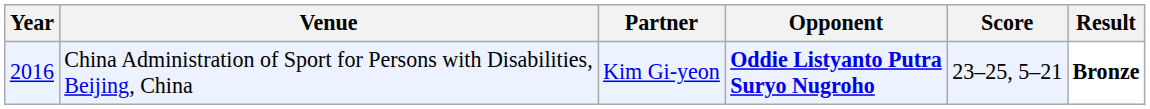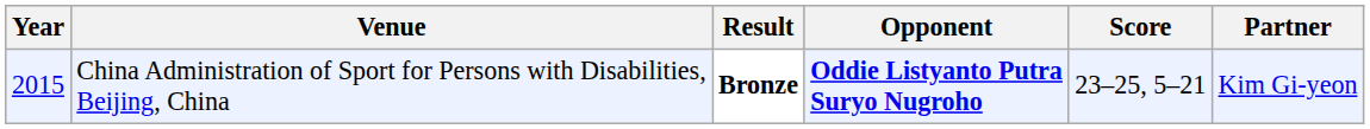 <table class="sortable wikitable" style="font-size: 90%;">
 <tr>
 <th>Year</th>
 <th>Venue</th>
-<th>Partner</th>
+<th>Result</th>
 <th>Opponent</th>
 <th>Score</th>
-<th>Result</th>
+<th>Partner</th>
 </tr>
 <tr style="background:#ECF2FF">
-<td align="center"><a href='#'>2016</a></td>
+<td align="center"><a href='#'>2015</a></td>
 <td align="left">China Administration of Sport for Persons with Disabilities,<br><a href='#'>Beijing</a>, China</td>
-<td align="left"> <a href='#'>Kim Gi-yeon</a></td>
+<td style="text-align:left; background:white"> <strong>Bronze</strong></td>
 <td align="left"><strong> <a href='#'>Oddie Listyanto Putra</a><br> <a href='#'>Suryo Nugroho</a></strong></td>
 <td align="left">23–25, 5–21</td>
-<td style="text-align:left; background:white"> <strong>Bronze</strong></td>
+<td align="left"> <a href='#'>Kim Gi-yeon</a></td>
 </tr>
 </table>
